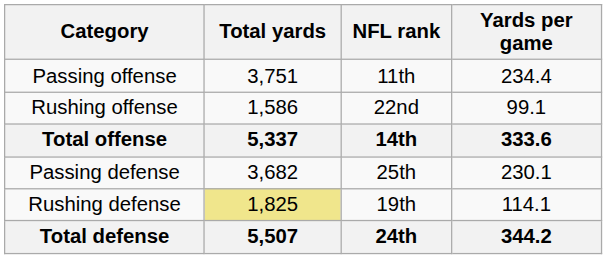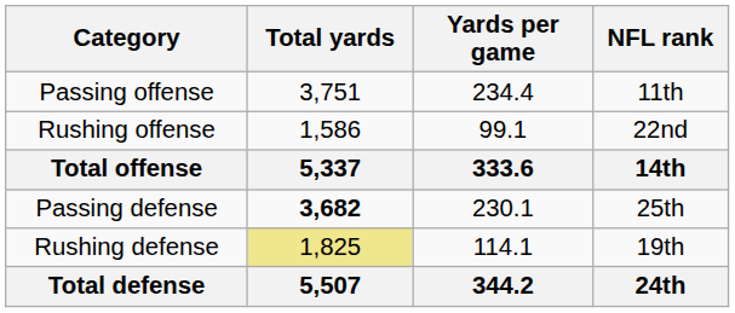 <table class="wikitable" style="text-align:center">
 <tr>
 <th width="150">Category</th>
 <th width="100">Total yards</th>
+<th width="110">Yards per game</th>
 <th width="80">NFL rank<br></th>
-<th width="110">Yards per game</th>
 </tr>
 <tr>
 <td>Passing offense</td>
 <td>3,751</td>
+<td>234.4</td>
 <td>11th</td>
-<td>234.4</td>
 </tr>
 <tr>
 <td>Rushing offense</td>
 <td>1,586</td>
+<td>99.1</td>
 <td>22nd</td>
-<td>99.1</td>
 </tr>
 <tr>
 <th>Total offense</th>
 <th>5,337</th>
+<th>333.6</th>
 <th>14th</th>
-<th>333.6</th>
 </tr>
 <tr>
 <td>Passing defense</td>
-<td>3,682</td>
+<td><strong>3,682</strong></td>
+<td>230.1</td>
 <td>25th</td>
-<td>230.1</td>
 </tr>
 <tr>
 <td>Rushing defense</td>
 <td style="background: khaki;">1,825</td>
+<td>114.1</td>
 <td>19th</td>
-<td>114.1</td>
 </tr>
 <tr>
 <th>Total defense</th>
 <th>5,507</th>
+<th>344.2</th>
 <th>24th</th>
-<th>344.2</th>
 </tr>
 </table>
